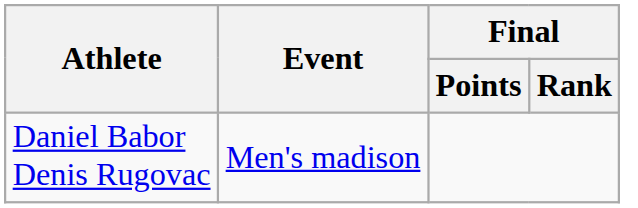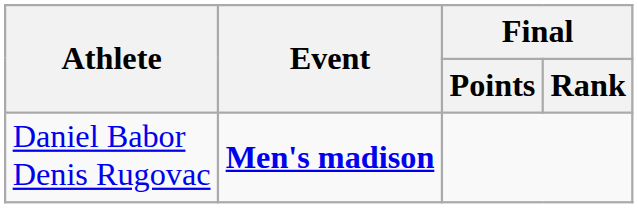 <table class="wikitable" style="font-size:90%">
 <tr>
 <th rowspan=2>Athlete</th>
 <th rowspan=2>Event</th>
 <th colspan=2>Final</th>
 </tr>
 <tr>
 <th>Points</th>
 <th>Rank</th>
 </tr>
 <tr align=center>
 <td align=left><a href='#'>Daniel Babor</a><br><a href='#'>Denis Rugovac</a></td>
-<td align=left><a href='#'>Men's madison</a></td>
+<td align=left><strong><a href='#'>Men's madison</a></strong></td>
 <td colspan=2></td>
 </tr>
 </table>
